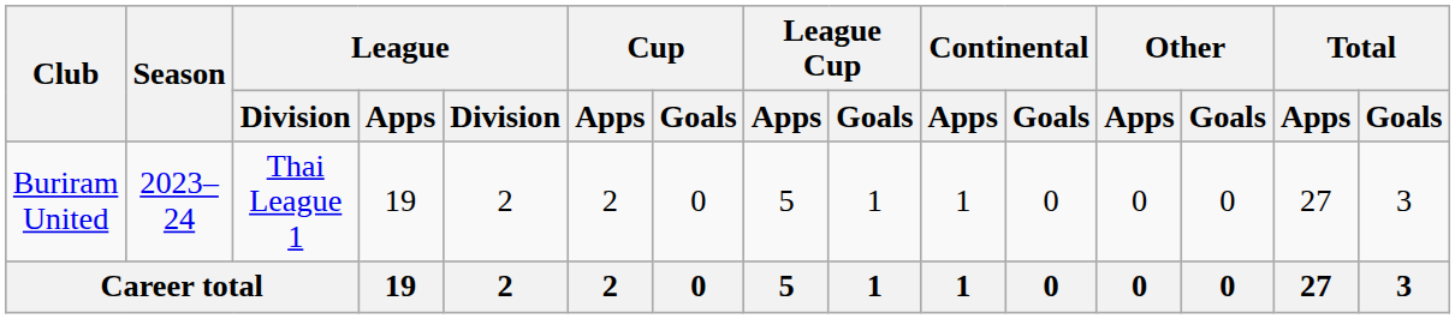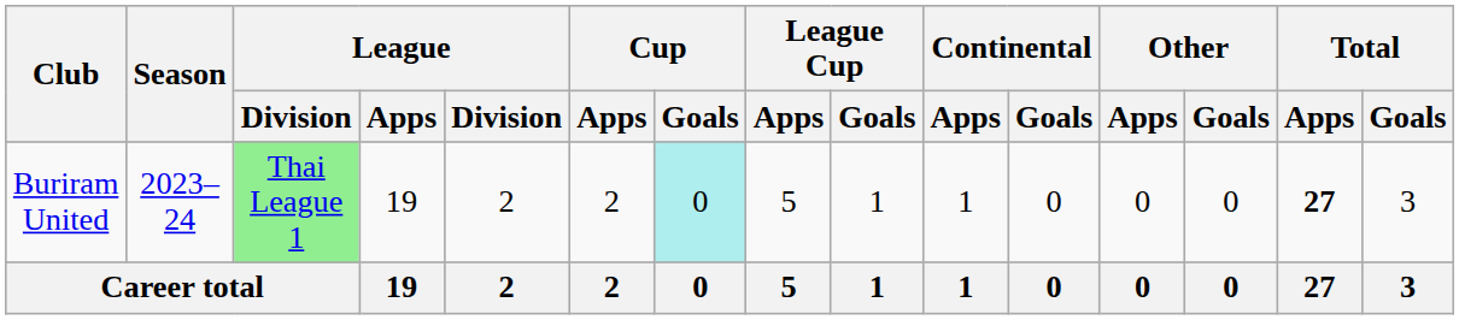 <table class="wikitable" style="text-align:center">
 <tr>
 <th rowspan="2">Club</th>
 <th rowspan="2">Season</th>
 <th colspan="3">League</th>
 <th colspan="2">Cup</th>
 <th colspan="2">League Cup</th>
 <th colspan="2">Continental</th>
 <th colspan="2">Other</th>
 <th colspan="2">Total</th>
 </tr>
 <tr>
 <th>Division</th>
 <th>Apps</th>
 <th>Division</th>
 <th>Apps</th>
 <th>Goals</th>
 <th>Apps</th>
 <th>Goals</th>
 <th>Apps</th>
 <th>Goals</th>
 <th>Apps</th>
 <th>Goals</th>
 <th>Apps</th>
 <th>Goals</th>
 </tr>
 <tr>
 <td><a href='#'>Buriram United</a></td>
 <td><a href='#'>2023–24</a></td>
-<td><a href='#'>Thai League 1</a></td>
+<td style="background: lightgreen;"><a href='#'>Thai League 1</a></td>
 <td>19</td>
 <td>2</td>
 <td>2</td>
-<td>0</td>
+<td style="background: paleturquoise;">0</td>
 <td>5</td>
 <td>1</td>
 <td>1</td>
 <td>0</td>
 <td>0</td>
 <td>0</td>
-<td>27</td>
+<td><strong>27</strong></td>
 <td>3</td>
 </tr>
 <tr>
 <th colspan="3">Career total</th>
 <th>19</th>
 <th>2</th>
 <th>2</th>
 <th>0</th>
 <th>5</th>
 <th>1</th>
 <th>1</th>
 <th>0</th>
 <th>0</th>
 <th>0</th>
 <th>27</th>
 <th>3</th>
 </tr>
 </table>
